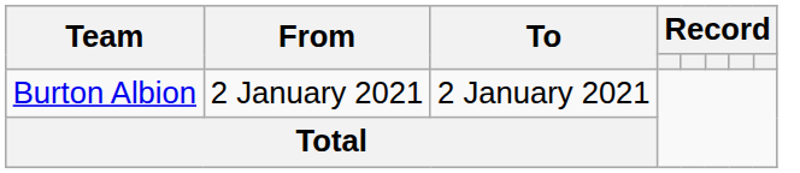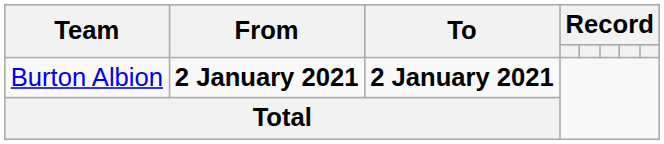 <table class=wikitable style=text-align:center>
 <tr>
 <th rowspan=2>Team</th>
 <th rowspan=2>From</th>
 <th rowspan=2>To</th>
 <th colspan=5>Record</th>
 </tr>
 <tr>
 <th></th>
 <th></th>
 <th></th>
 <th></th>
 <th></th>
 </tr>
 <tr>
 <td align=left><a href='#'>Burton Albion</a></td>
-<td align=left>2 January 2021</td>
-<td align=left>2 January 2021<br></td>
+<td align=left><strong>2 January 2021</strong></td>
+<td align=left><strong>2 January 2021<br></strong></td>
 </tr>
 <tr>
 <th colspan=3>Total<br></th>
 </tr>
 </table>
